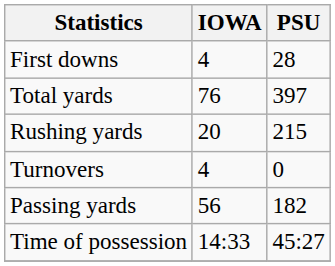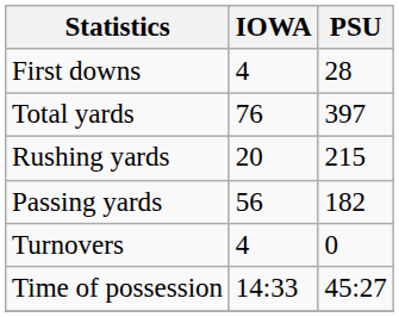 <table class="wikitable">
 <tr>
 <th>Statistics</th>
 <th>IOWA</th>
 <th>PSU</th>
 </tr>
 <tr>
 <td>First downs</td>
 <td>4</td>
 <td>28</td>
 </tr>
 <tr>
 <td>Total yards</td>
 <td>76</td>
 <td>397</td>
 </tr>
 <tr>
 <td>Rushing yards</td>
 <td>20</td>
 <td>215</td>
 </tr>
 <tr>
+<td>Passing yards</td>
+<td>56</td>
+<td>182</td>
+</tr>
+<tr>
 <td>Turnovers</td>
 <td>4</td>
 <td>0</td>
-</tr>
-<tr>
-<td>Passing yards</td>
-<td>56</td>
-<td>182</td>
 </tr>
 <tr>
 <td>Time of possession</td>
 <td>14:33</td>
 <td>45:27</td>
 </tr>
 <tr>
 </tr>
 </table>
